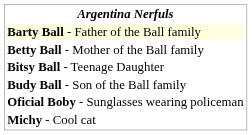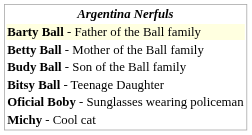 <table style="border: 1px solid darkgray; text-align:left">
 <tr>
 <td align="center"><strong><em>Argentina Nerfuls</em></strong></td>
 </tr>
 <tr border = "0">
 <td style="background: lightyellow;"><strong>Barty Ball</strong> - Father of the Ball family</td>
 </tr>
 <tr border = "0">
 <td><strong>Betty Ball</strong> - Mother of the Ball family</td>
 </tr>
 <tr border = "0">
-<td><strong>Bitsy Ball</strong> - Teenage Daughter</td>
+<td><strong>Budy Ball</strong> - Son of the Ball family</td>
 </tr>
 <tr border = "0">
-<td><strong>Budy Ball</strong> - Son of the Ball family</td>
+<td><strong>Bitsy Ball</strong> - Teenage Daughter</td>
 </tr>
 <tr border = "0">
 <td><strong>Oficial Boby</strong> - Sunglasses wearing policeman</td>
 </tr>
 <tr border = "0">
 <td><strong>Michy</strong> - Cool cat</td>
 </tr>
 </table>
